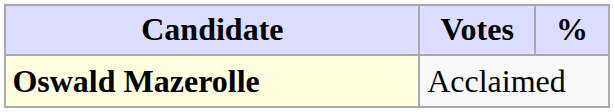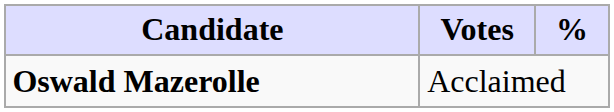 <table class="wikitable">
 <tr>
 <th style="background:#ddf; width:200px;">Candidate</th>
 <th style="background:#ddf; width:50px;">Votes</th>
 <th style="background:#ddf; width:30px;">%</th>
 </tr>
 <tr>
-<td style="background: lightyellow;"><strong>Oswald Mazerolle</strong></td>
+<td><strong>Oswald Mazerolle</strong></td>
 <td colspan="2">Acclaimed</td>
 </tr>
 </table>
